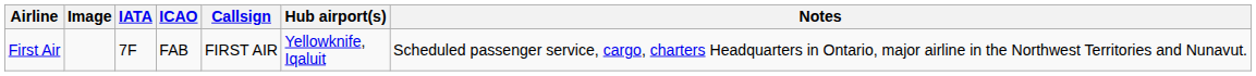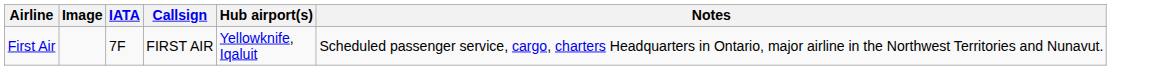 <table class="wikitable sortable" style="border: 0; cellpadding: 2; cellspacing: 3;">
 <tr valign="middle">
 <th>Airline</th>
 <th>Image</th>
 <th><a href='#'>IATA</a></th>
-<th><a href='#'>ICAO</a></th>
 <th><a href='#'>Callsign</a></th>
 <th>Hub airport(s)</th>
 <th class="unsortable">Notes</th>
 </tr>
 <tr>
 <td><a href='#'>First Air</a></td>
 <td></td>
 <td>7F</td>
-<td>FAB</td>
 <td>FIRST AIR</td>
 <td><a href='#'>Yellowknife</a>,<br><a href='#'>Iqaluit</a></td>
 <td>Scheduled passenger service, <a href='#'>cargo</a>, <a href='#'>charters</a> Headquarters in Ontario, major airline in the Northwest Territories and Nunavut.</td>
 </tr>
 </table>
